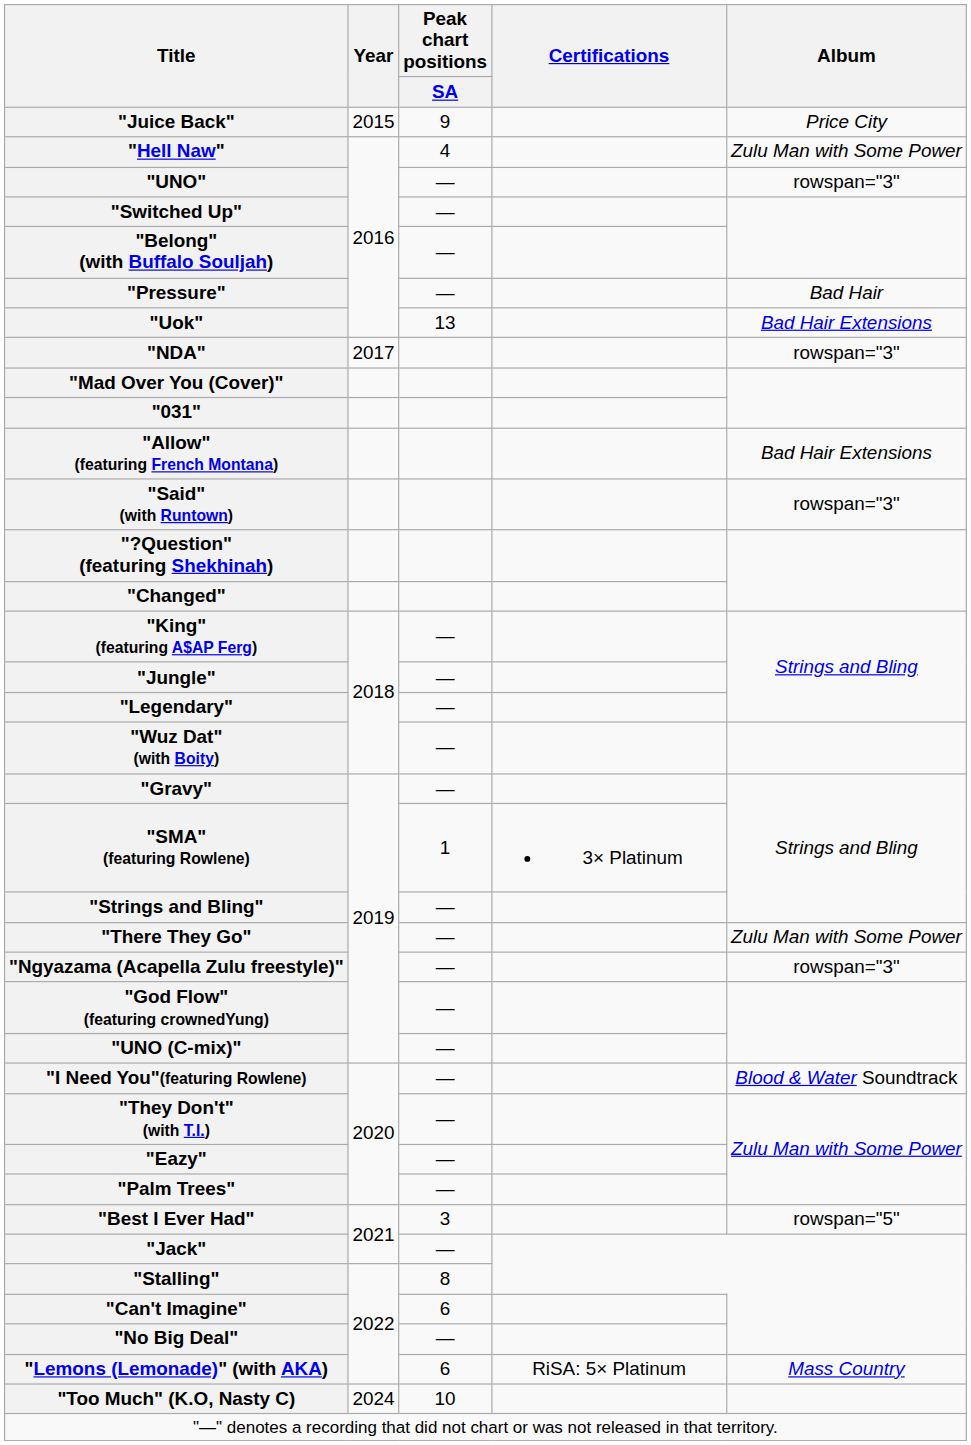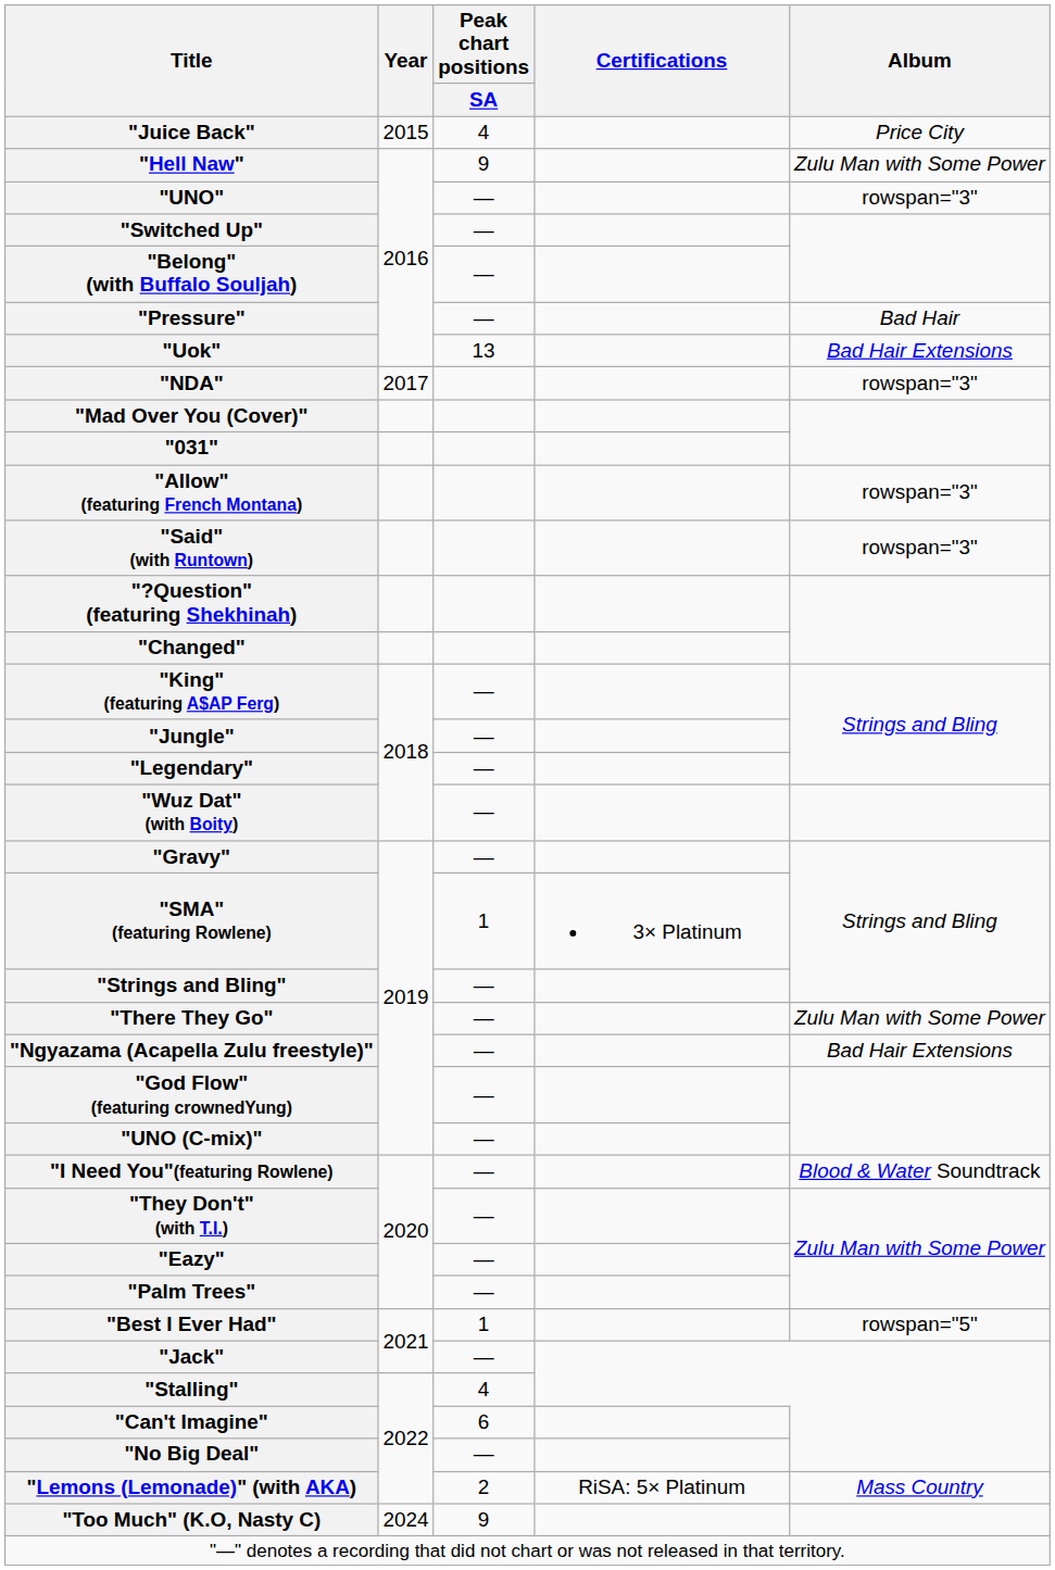 <table class="wikitable plainrowheaders" style="text-align:center;">
 <tr>
 <th scope="col" rowspan="2">Title</th>
 <th scope="col" rowspan="2">Year</th>
 <th scope="col" colspan="1">Peak chart positions</th>
 <th scope="col" rowspan="2" style="width:12em;"><a href='#'>Certifications</a></th>
 <th scope="col" rowspan="2">Album</th>
 </tr>
 <tr>
 <th scope="col" style="width:3em;font-size:100%;"><a href='#'>SA</a><br></th>
 </tr>
 <tr>
 <th scope="row">"Juice Back"</th>
 <td>2015</td>
-<td>9</td>
+<td>4</td>
 <td></td>
 <td><em>Price City</em></td>
 </tr>
 <tr>
 <th scope="row">"<a href='#'>Hell Naw</a>"</th>
 <td rowspan="6">2016</td>
-<td>4</td>
+<td>9</td>
 <td></td>
 <td><em>Zulu Man with Some Power</em></td>
 </tr>
 <tr>
 <th scope="row">"UNO"</th>
 <td>—</td>
 <td></td>
 <td>rowspan="3" </td>
 </tr>
 <tr>
 <th scope="row">"Switched Up"</th>
 <td>—</td>
 <td></td>
 </tr>
 <tr>
 <th scope="row">"Belong"<br>(with <a href='#'>Buffalo Souljah</a>)</th>
 <td>—</td>
 <td></td>
 </tr>
 <tr>
 <th scope="row">"Pressure"</th>
 <td>—</td>
 <td></td>
 <td><em>Bad Hair</em></td>
 </tr>
 <tr>
 <th scope="row">"Uok"</th>
 <td>13</td>
 <td></td>
 <td><em><a href='#'>Bad Hair Extensions</a></em></td>
 </tr>
 <tr>
 <th scope="row">"NDA"</th>
 <td>2017</td>
 <td></td>
 <td></td>
 <td>rowspan="3" </td>
 </tr>
 <tr>
 <th scope="row">"Mad Over You (Cover)"</th>
 <td></td>
 <td></td>
 <td></td>
 </tr>
 <tr>
 <th scope="row">"031"</th>
 <td></td>
 <td></td>
 <td></td>
 </tr>
 <tr>
 <th scope="row">"Allow"<br><small>(featuring <a href='#'>French Montana</a>)</small></th>
 <td></td>
 <td></td>
 <td></td>
-<td><em>Bad Hair Extensions</em></td>
+<td>rowspan="3" </td>
 </tr>
 <tr>
 <th scope="row">"Said"<br><small>(with <a href='#'>Runtown</a>)</small></th>
 <td></td>
 <td></td>
 <td></td>
 <td>rowspan="3" </td>
 </tr>
 <tr>
 <th scope="row">"?Question"<br>(featuring <a href='#'>Shekhinah</a>)</th>
 <td></td>
 <td></td>
 <td></td>
 </tr>
 <tr>
 <th scope="row">"Changed"</th>
 <td></td>
 <td></td>
 <td></td>
 </tr>
 <tr>
 <th scope="row">"King"<br><small>(featuring <a href='#'>A$AP Ferg</a>)</small></th>
 <td rowspan="4">2018</td>
 <td>—</td>
 <td></td>
 <td rowspan="3"><em><a href='#'>Strings and Bling</a></em></td>
 </tr>
 <tr>
 <th scope="row">"Jungle"</th>
 <td>—</td>
 <td></td>
 </tr>
 <tr>
 <th scope="row">"Legendary"</th>
 <td>—</td>
 <td></td>
 </tr>
 <tr>
 <th scope="row">"Wuz Dat"<br><small>(with <a href='#'>Boity</a>)</small></th>
 <td>—</td>
 <td></td>
 <td></td>
 </tr>
 <tr>
 <th scope="row">"Gravy"</th>
 <td rowspan="7">2019</td>
 <td>—</td>
 <td></td>
 <td rowspan="3"><em>Strings and Bling</em></td>
 </tr>
 <tr>
 <th scope= "row">"SMA"<br><small>(featuring Rowlene)</small></th>
 <td>1</td>
 <td><br><ul><li>3× Platinum</li></ul></td>
 </tr>
 <tr>
 <th scope="row">"Strings and Bling"</th>
 <td>—</td>
 <td></td>
 </tr>
 <tr>
 <th scope="row">"There They Go"</th>
 <td>—</td>
 <td></td>
 <td><em>Zulu Man with Some Power</em></td>
 </tr>
 <tr>
 <th scope="row">"Ngyazama (Acapella Zulu freestyle)"</th>
 <td>—</td>
 <td></td>
-<td>rowspan="3" </td>
+<td><em>Bad Hair Extensions</em></td>
 </tr>
 <tr>
 <th scope="row">"God Flow"<br><small>(featuring crownedYung)</small></th>
 <td>—</td>
 <td></td>
 </tr>
 <tr>
 <th scope="row">"UNO (C-mix)"</th>
 <td>—</td>
 <td></td>
 </tr>
 <tr>
 <th scope="row">"I Need You"<small>(featuring Rowlene)</small></th>
 <td rowspan="4">2020</td>
 <td>—</td>
 <td></td>
 <td><em><a href='#'>Blood & Water</a></em> Soundtrack</td>
 </tr>
 <tr>
 <th scope="row">"They Don't"<br><small>(with <a href='#'>T.I.</a>)</small></th>
 <td>—</td>
 <td></td>
 <td rowspan="3"><em><a href='#'>Zulu Man with Some Power</a></em></td>
 </tr>
 <tr>
 <th scope="row">"Eazy"</th>
 <td>—</td>
 <td></td>
 </tr>
 <tr>
 <th scope="row">"Palm Trees"</th>
 <td>—</td>
 <td></td>
 </tr>
 <tr>
 <th scope="row">"Best I Ever Had"</th>
 <td rowspan="2">2021</td>
-<td>3</td>
+<td>1</td>
 <td></td>
 <td>rowspan="5" </td>
 </tr>
 <tr>
 <th scope="row">"Jack"</th>
 <td>—</td>
 </tr>
 <tr>
 <th scope="row">"Stalling"</th>
 <td rowspan="4">2022</td>
-<td>8</td>
+<td>4</td>
 </tr>
 <tr>
 <th scope="row">"Can't Imagine"</th>
 <td>6</td>
 <td></td>
 </tr>
 <tr>
 <th scope="row">"No Big Deal"</th>
 <td>—</td>
 <td></td>
 </tr>
 <tr>
 <th scope="row">"<a href='#'>Lemons (Lemonade)</a>" (with <a href='#'>AKA</a>)</th>
-<td>6</td>
+<td>2</td>
 <td>RiSA: 5× Platinum</td>
 <td><em><a href='#'>Mass Country</a></em></td>
 </tr>
 <tr>
 <th scope="row">"Too Much" (K.O, Nasty C)</th>
 <td>2024</td>
-<td>10</td>
+<td>9</td>
 <td></td>
 <td></td>
 </tr>
 <tr>
 <td colspan="7" style="font-size:90%">"—" denotes a recording that did not chart or was not released in that territory.</td>
 </tr>
 </table>
